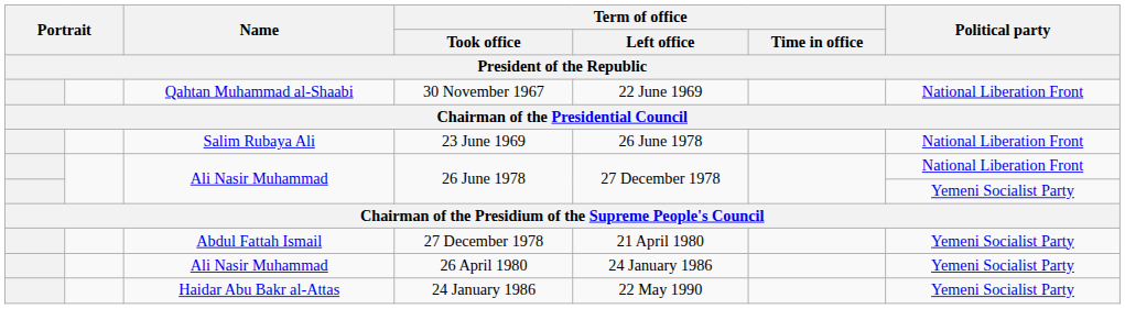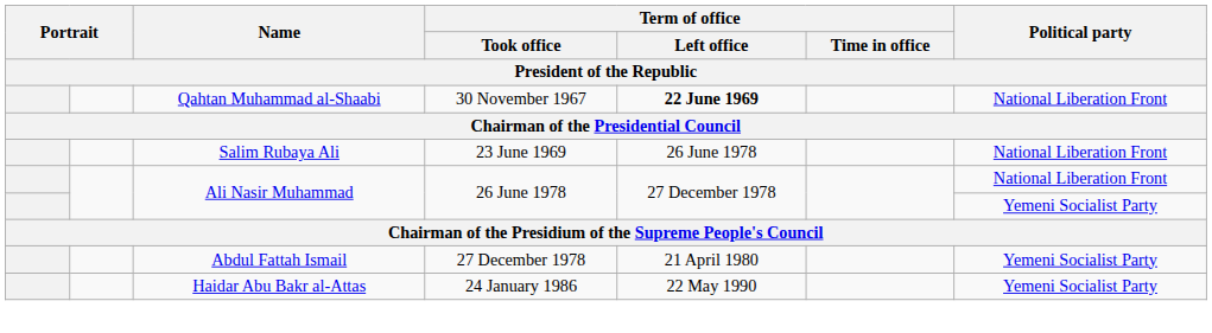 <table class="wikitable" style="text-align:center; border:1px #aaf solid; width:90%;">
 <tr>
 <th rowspan="2" colspan="2" width="80px">Portrait</th>
 <th rowspan="2">Name<br></th>
 <th colspan="3">Term of office</th>
 <th rowspan="2">Political party</th>
 </tr>
 <tr>
 <th>Took office</th>
 <th>Left office</th>
 <th>Time in office</th>
 </tr>
 <tr>
 <th colspan="7">President of the Republic</th>
 </tr>
 <tr>
 <th style="background:"></th>
 <td></td>
 <td><a href='#'>Qahtan Muhammad al-Shaabi</a><br></td>
 <td>30 November 1967</td>
-<td>22 June 1969<br></td>
+<td><strong>22 June 1969<br></strong></td>
 <td></td>
 <td><a href='#'>National Liberation Front</a></td>
 </tr>
 <tr>
 <th colspan="7">Chairman of the <a href='#'>Presidential Council</a></th>
 </tr>
 <tr>
 <th style="background:"></th>
 <td></td>
 <td><a href='#'>Salim Rubaya Ali</a><br></td>
 <td>23 June 1969</td>
 <td>26 June 1978<br></td>
 <td></td>
 <td><a href='#'>National Liberation Front</a></td>
 </tr>
 <tr>
 <th style="background:"></th>
 <td rowspan=2></td>
 <td rowspan=2><a href='#'>Ali Nasir Muhammad</a><br></td>
 <td rowspan=2>26 June 1978</td>
 <td rowspan=2>27 December 1978</td>
 <td rowspan=2></td>
 <td><a href='#'>National Liberation Front</a><br></td>
 </tr>
 <tr>
 <th style="background:"></th>
 <td><a href='#'>Yemeni Socialist Party</a></td>
 </tr>
 <tr>
 <th colspan="7">Chairman of the Presidium of the <a href='#'>Supreme People's Council</a></th>
 </tr>
 <tr>
 <th style="background:"></th>
 <td></td>
 <td><a href='#'>Abdul Fattah Ismail</a><br></td>
 <td>27 December 1978</td>
 <td>21 April 1980</td>
 <td></td>
 <td><a href='#'>Yemeni Socialist Party</a></td>
 </tr>
 <tr>
 <th style="background:"></th>
 <td></td>
-<td><a href='#'>Ali Nasir Muhammad</a><br></td>
-<td>26 April 1980</td>
-<td>24 January 1986<br></td>
-<td></td>
-<td><a href='#'>Yemeni Socialist Party</a></td>
-</tr>
-<tr>
-<th style="background:"></th>
-<td></td>
 <td><a href='#'>Haidar Abu Bakr al-Attas</a><br></td>
 <td>24 January 1986</td>
 <td>22 May 1990</td>
 <td></td>
 <td><a href='#'>Yemeni Socialist Party</a></td>
 </tr>
 </table>
